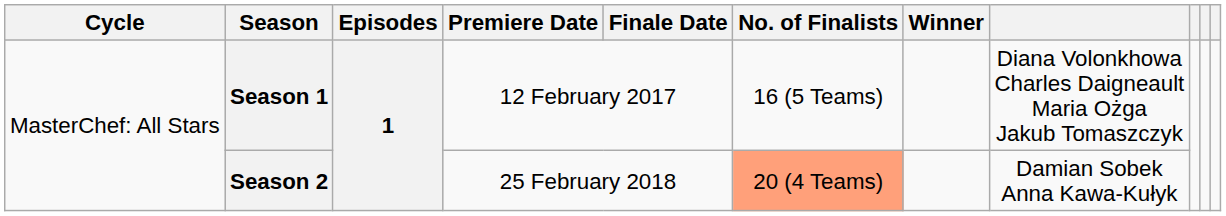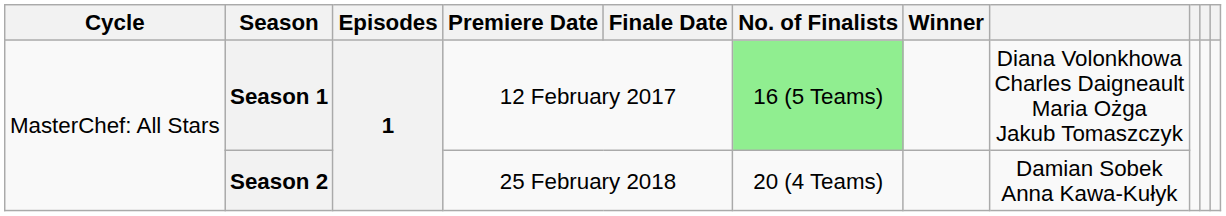 <table class="wikitable" style="text-align:center; font-size:95%;">
 <tr>
 <th>Cycle</th>
 <th>Season</th>
 <th>Episodes</th>
 <th>Premiere Date</th>
 <th>Finale Date</th>
 <th>No. of Finalists</th>
 <th>Winner</th>
 <th></th>
 <th></th>
 <th></th>
 <th></th>
 </tr>
 <tr>
 <td rowspan="2">MasterChef: All Stars</td>
 <th>Season 1</th>
 <th rowspan="2">1</th>
 <td colspan="2">12 February 2017</td>
-<td rowspan="1">16 (5 Teams)</td>
+<td rowspan="1" style="background: lightgreen;">16 (5 Teams)</td>
 <td></td>
 <td>Diana Volonkhowa <br> Charles Daigneault <br> Maria Ożga <br> Jakub Tomaszczyk</td>
 <td rowspan="2"></td>
 <td rowspan="2"></td>
 <td rowspan="2"></td>
 </tr>
 <tr>
 <th>Season 2</th>
 <td colspan="2">25 February 2018</td>
-<td rowspan="1" style="background: lightsalmon;">20 (4 Teams)</td>
+<td rowspan="1">20 (4 Teams)</td>
 <td></td>
 <td>Damian Sobek <br> Anna Kawa-Kułyk <br></td>
 </tr>
 </table>
